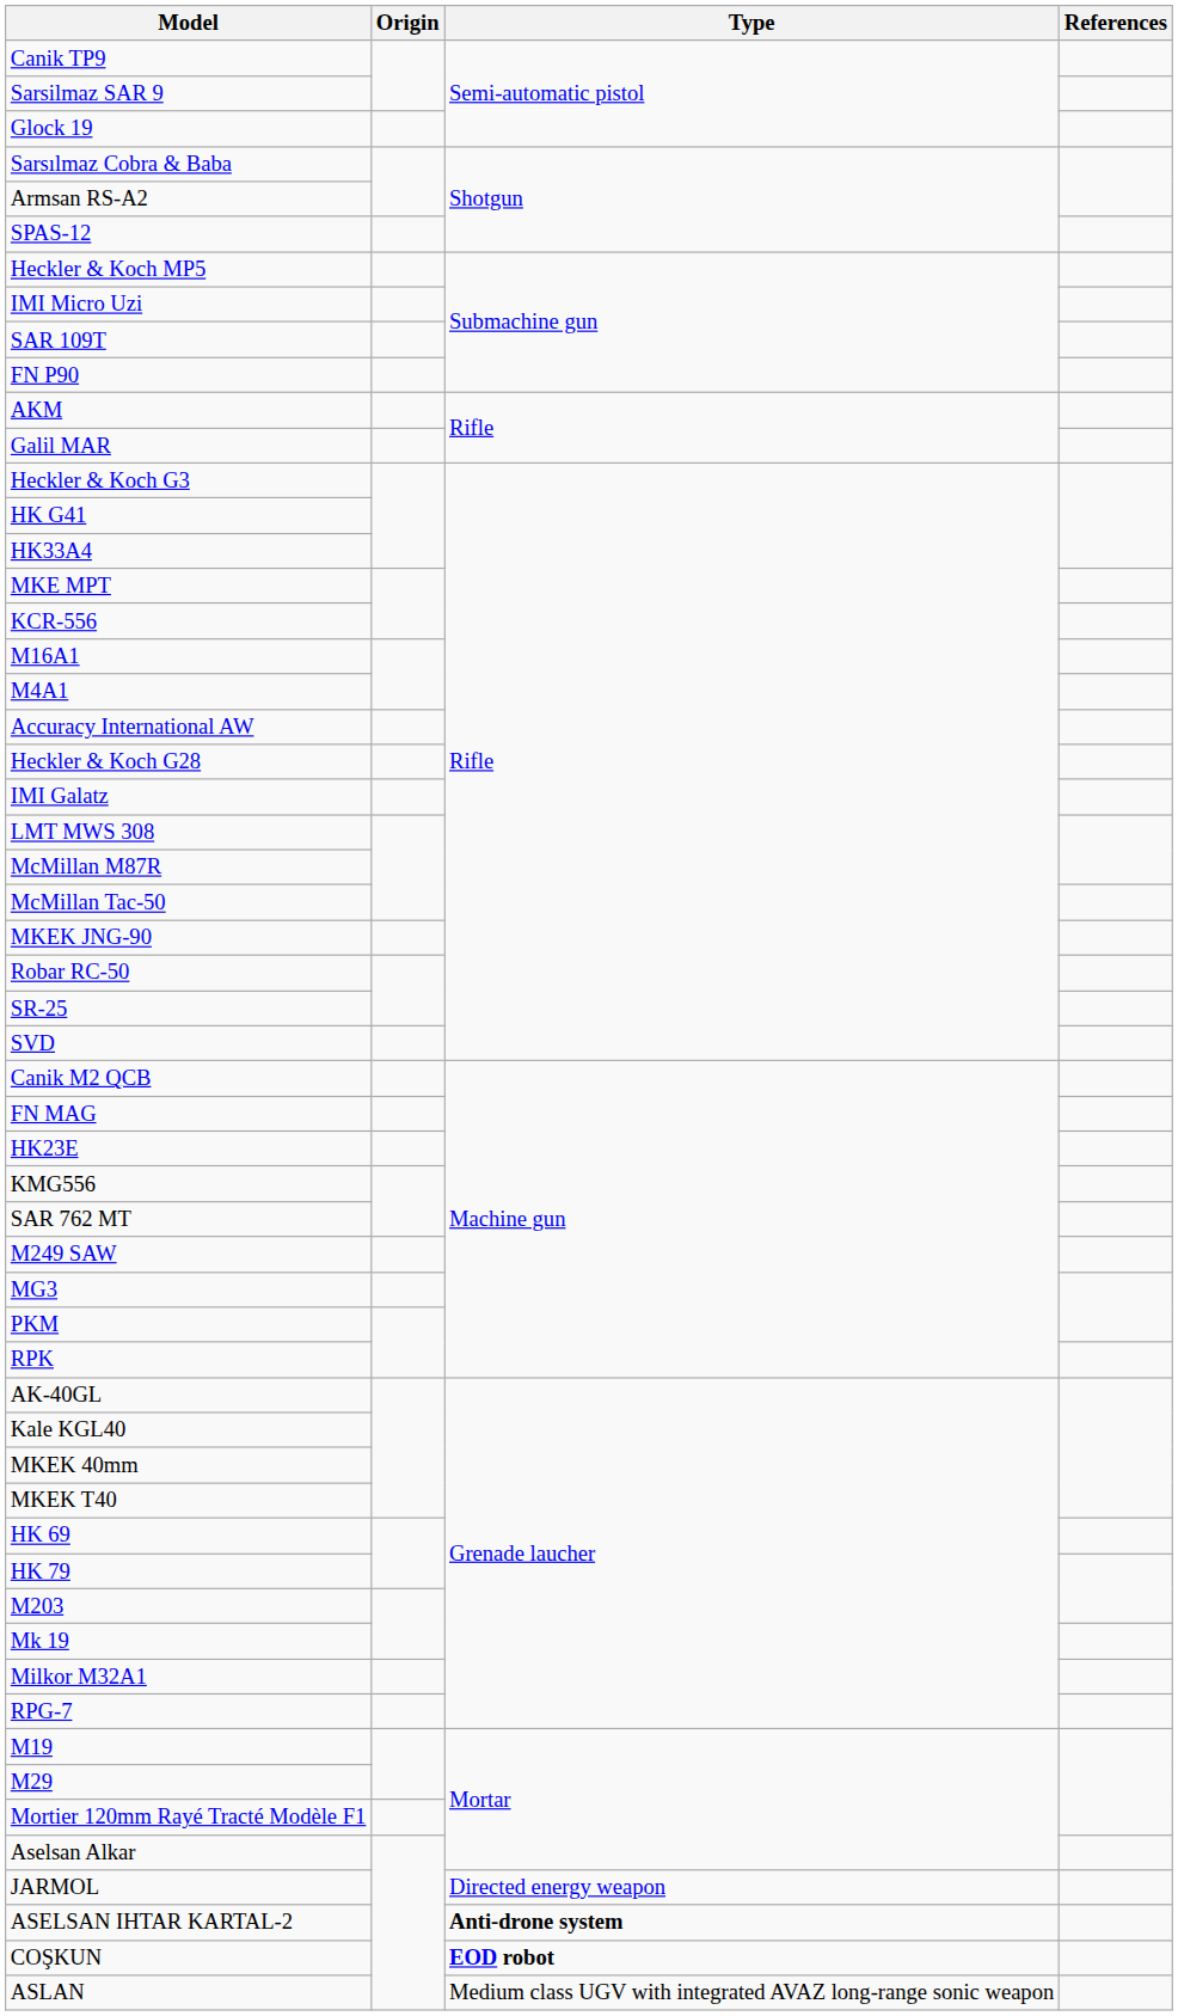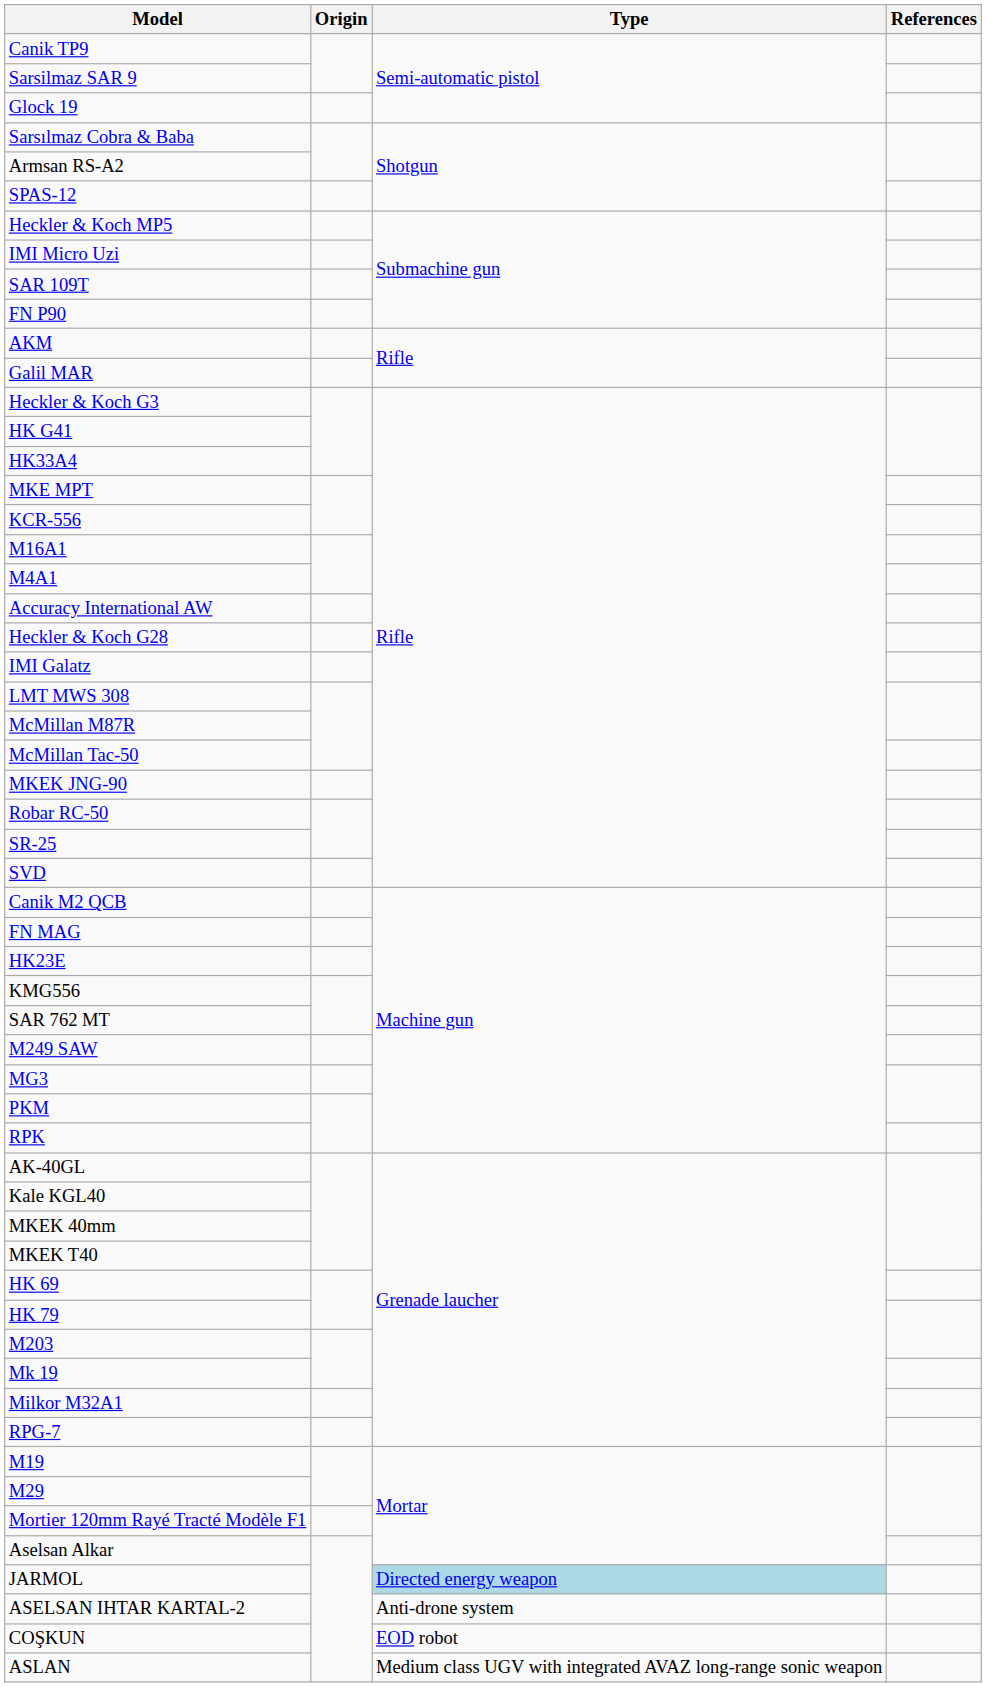 <table class="wikitable">
 <tr>
 <th>Model</th>
 <th>Origin</th>
 <th>Type</th>
 <th>References</th>
 </tr>
 <tr>
 <td><a href='#'>Canik TP9</a></td>
 <td rowspan="2"></td>
 <td rowspan="3"><a href='#'>Semi-automatic pistol</a></td>
 <td></td>
 </tr>
 <tr>
 <td><a href='#'>Sarsilmaz SAR 9</a></td>
 <td></td>
 </tr>
 <tr>
 <td><a href='#'>Glock 19</a></td>
 <td></td>
 <td></td>
 </tr>
 <tr>
 <td><a href='#'>Sarsılmaz Cobra & Baba</a></td>
 <td rowspan="2"></td>
 <td rowspan="3"><a href='#'>Shotgun</a></td>
 <td rowspan="2"></td>
 </tr>
 <tr>
 <td>Armsan RS-A2</td>
 </tr>
 <tr>
 <td><a href='#'>SPAS-12</a></td>
 <td></td>
 <td></td>
 </tr>
 <tr>
 <td><a href='#'>Heckler & Koch MP5</a></td>
 <td></td>
 <td rowspan="4"><a href='#'>Submachine gun</a></td>
 <td></td>
 </tr>
 <tr>
 <td><a href='#'>IMI Micro Uzi</a></td>
 <td></td>
 <td></td>
 </tr>
 <tr>
 <td><a href='#'>SAR 109T</a></td>
 <td></td>
 <td></td>
 </tr>
 <tr>
 <td><a href='#'>FN P90</a></td>
 <td></td>
 <td></td>
 </tr>
 <tr>
 <td><a href='#'>AKM</a></td>
 <td></td>
 <td rowspan="2"><a href='#'>Rifle</a></td>
 <td></td>
 </tr>
 <tr>
 <td><a href='#'>Galil MAR</a></td>
 <td></td>
 <td></td>
 </tr>
 <tr>
 <td><a href='#'>Heckler & Koch G3</a></td>
 <td rowspan="3"></td>
 <td rowspan="17"><a href='#'>Rifle</a></td>
 <td rowspan="3"></td>
 </tr>
 <tr>
 <td><a href='#'>HK G41</a></td>
 </tr>
 <tr>
 <td><a href='#'>HK33A4</a></td>
 </tr>
 <tr>
 <td><a href='#'>MKE MPT</a></td>
 <td rowspan="2"></td>
 <td></td>
 </tr>
 <tr>
 <td><a href='#'>KCR-556</a></td>
 <td></td>
 </tr>
 <tr>
 <td><a href='#'>M16A1</a></td>
 <td rowspan="2"></td>
 <td></td>
 </tr>
 <tr>
 <td><a href='#'>M4A1</a></td>
 <td></td>
 </tr>
 <tr>
 <td><a href='#'>Accuracy International AW</a></td>
 <td></td>
 <td></td>
 </tr>
 <tr>
 <td><a href='#'>Heckler & Koch G28</a></td>
 <td></td>
 <td></td>
 </tr>
 <tr>
 <td><a href='#'>IMI Galatz</a></td>
 <td></td>
 <td></td>
 </tr>
 <tr>
 <td><a href='#'>LMT MWS 308</a></td>
 <td rowspan="3"></td>
 <td rowspan="2"></td>
 </tr>
 <tr>
 <td><a href='#'>McMillan M87R</a></td>
 </tr>
 <tr>
 <td><a href='#'>McMillan Tac-50</a></td>
 <td></td>
 </tr>
 <tr>
 <td><a href='#'>MKEK JNG-90</a></td>
 <td></td>
 <td></td>
 </tr>
 <tr>
 <td><a href='#'>Robar RC-50</a></td>
 <td rowspan="2"></td>
 <td></td>
 </tr>
 <tr>
 <td><a href='#'>SR-25</a></td>
 <td></td>
 </tr>
 <tr>
 <td><a href='#'>SVD</a></td>
 <td></td>
 <td></td>
 </tr>
 <tr>
 <td><a href='#'>Canik M2 QCB</a></td>
 <td></td>
 <td rowspan="9"><a href='#'>Machine gun</a></td>
 <td></td>
 </tr>
 <tr>
 <td><a href='#'>FN MAG</a></td>
 <td></td>
 <td></td>
 </tr>
 <tr>
 <td><a href='#'>HK23E</a></td>
 <td></td>
 <td></td>
 </tr>
 <tr>
 <td>KMG556</td>
 <td rowspan="2"></td>
 <td></td>
 </tr>
 <tr>
 <td>SAR 762 MT</td>
 <td></td>
 </tr>
 <tr>
 <td><a href='#'>M249 SAW</a></td>
 <td></td>
 <td></td>
 </tr>
 <tr>
 <td><a href='#'>MG3</a></td>
 <td></td>
 <td rowspan="2"></td>
 </tr>
 <tr>
 <td><a href='#'>PKM</a></td>
 <td rowspan="2"></td>
 </tr>
 <tr>
 <td><a href='#'>RPK</a></td>
 <td></td>
 </tr>
 <tr>
 <td>AK-40GL</td>
 <td rowspan="4"></td>
 <td rowspan="10"><a href='#'>Grenade laucher</a></td>
 <td rowspan="4"></td>
 </tr>
 <tr>
 <td>Kale KGL40</td>
 </tr>
 <tr>
 <td>MKEK 40mm</td>
 </tr>
 <tr>
 <td>MKEK T40</td>
 </tr>
 <tr>
 <td><a href='#'>HK 69</a></td>
 <td rowspan="2"></td>
 <td></td>
 </tr>
 <tr>
 <td><a href='#'>HK 79</a></td>
 <td rowspan="2"></td>
 </tr>
 <tr>
 <td><a href='#'>M203</a></td>
 <td rowspan="2"></td>
 </tr>
 <tr>
 <td><a href='#'>Mk 19</a></td>
 <td></td>
 </tr>
 <tr>
 <td><a href='#'>Milkor M32A1</a></td>
 <td></td>
 <td></td>
 </tr>
 <tr>
 <td><a href='#'>RPG-7</a></td>
 <td></td>
 <td></td>
 </tr>
 <tr>
 <td><a href='#'>M19</a></td>
 <td rowspan="2"></td>
 <td rowspan="4"><a href='#'>Mortar</a></td>
 <td rowspan="3"></td>
 </tr>
 <tr>
 <td><a href='#'>M29</a></td>
 </tr>
 <tr>
 <td><a href='#'>Mortier 120mm Rayé Tracté Modèle F1</a></td>
 <td></td>
 </tr>
 <tr>
 <td>Aselsan Alkar</td>
 <td rowspan="5"></td>
 <td></td>
 </tr>
 <tr>
 <td>JARMOL</td>
-<td><a href='#'>Directed energy weapon</a></td>
+<td style="background: lightblue;"><a href='#'>Directed energy weapon</a></td>
 <td></td>
 </tr>
 <tr>
 <td>ASELSAN IHTAR KARTAL-2</td>
-<td><strong>Anti-drone system</strong></td>
+<td>Anti-drone system</td>
 <td></td>
 </tr>
 <tr>
 <td>COŞKUN</td>
-<td><strong><a href='#'>EOD</a> robot</strong></td>
+<td><a href='#'>EOD</a> robot</td>
 <td></td>
 </tr>
 <tr>
 <td>ASLAN</td>
 <td>Medium class UGV with integrated AVAZ long-range sonic weapon</td>
 <td></td>
 </tr>
 </table>
